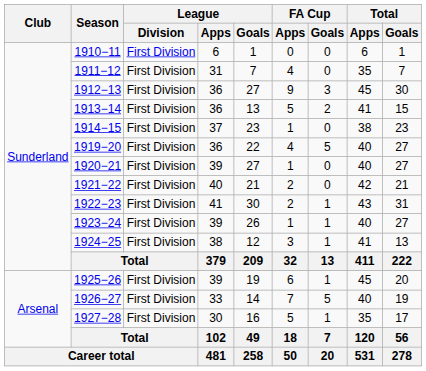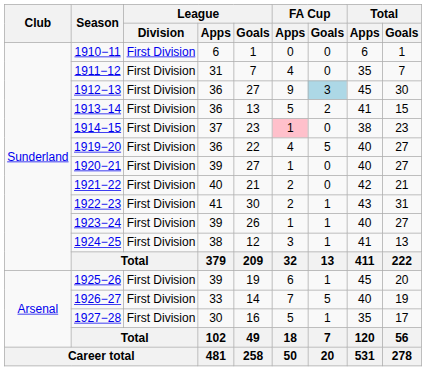 <table class="wikitable" style="text-align:center">
 <tr>
 <th rowspan="2">Club</th>
 <th rowspan="2">Season</th>
 <th colspan="3">League</th>
 <th colspan="2">FA Cup</th>
 <th colspan="2">Total</th>
 </tr>
 <tr>
 <th>Division</th>
 <th>Apps</th>
 <th>Goals</th>
 <th>Apps</th>
 <th>Goals</th>
 <th>Apps</th>
 <th>Goals</th>
 </tr>
 <tr>
 <td rowspan="12"><a href='#'>Sunderland</a></td>
 <td><a href='#'>1910−11</a></td>
 <td><a href='#'>First Division</a></td>
 <td>6</td>
 <td>1</td>
 <td>0</td>
 <td>0</td>
 <td>6</td>
 <td>1</td>
 </tr>
 <tr>
 <td><a href='#'>1911−12</a></td>
 <td>First Division</td>
 <td>31</td>
 <td>7</td>
 <td>4</td>
 <td>0</td>
 <td>35</td>
 <td>7</td>
 </tr>
 <tr>
 <td><a href='#'>1912−13</a></td>
 <td>First Division</td>
 <td>36</td>
 <td>27</td>
 <td>9</td>
-<td>3</td>
+<td style="background: lightblue;">3</td>
 <td>45</td>
 <td>30</td>
 </tr>
 <tr>
 <td><a href='#'>1913−14</a></td>
 <td>First Division</td>
 <td>36</td>
 <td>13</td>
 <td>5</td>
 <td>2</td>
 <td>41</td>
 <td>15</td>
 </tr>
 <tr>
 <td><a href='#'>1914−15</a></td>
 <td>First Division</td>
 <td>37</td>
 <td>23</td>
-<td>1</td>
+<td style="background: pink;">1</td>
 <td>0</td>
 <td>38</td>
 <td>23</td>
 </tr>
 <tr>
 <td><a href='#'>1919−20</a></td>
 <td>First Division</td>
 <td>36</td>
 <td>22</td>
 <td>4</td>
 <td>5</td>
 <td>40</td>
 <td>27</td>
 </tr>
 <tr>
 <td><a href='#'>1920−21</a></td>
 <td>First Division</td>
 <td>39</td>
 <td>27</td>
 <td>1</td>
 <td>0</td>
 <td>40</td>
 <td>27</td>
 </tr>
 <tr>
 <td><a href='#'>1921−22</a></td>
 <td>First Division</td>
 <td>40</td>
 <td>21</td>
 <td>2</td>
 <td>0</td>
 <td>42</td>
 <td>21</td>
 </tr>
 <tr>
 <td><a href='#'>1922−23</a></td>
 <td>First Division</td>
 <td>41</td>
 <td>30</td>
 <td>2</td>
 <td>1</td>
 <td>43</td>
 <td>31</td>
 </tr>
 <tr>
 <td><a href='#'>1923−24</a></td>
 <td>First Division</td>
 <td>39</td>
 <td>26</td>
 <td>1</td>
 <td>1</td>
 <td>40</td>
 <td>27</td>
 </tr>
 <tr>
 <td><a href='#'>1924−25</a></td>
 <td>First Division</td>
 <td>38</td>
 <td>12</td>
 <td>3</td>
 <td>1</td>
 <td>41</td>
 <td>13</td>
 </tr>
 <tr>
 <th colspan="2">Total</th>
 <th>379</th>
 <th>209</th>
 <th>32</th>
 <th>13</th>
 <th>411</th>
 <th>222</th>
 </tr>
 <tr>
 <td rowspan="4"><a href='#'>Arsenal</a></td>
 <td><a href='#'>1925−26</a></td>
 <td>First Division</td>
 <td>39</td>
 <td>19</td>
 <td>6</td>
 <td>1</td>
 <td>45</td>
 <td>20</td>
 </tr>
 <tr>
 <td><a href='#'>1926−27</a></td>
 <td>First Division</td>
 <td>33</td>
 <td>14</td>
 <td>7</td>
 <td>5</td>
 <td>40</td>
 <td>19</td>
 </tr>
 <tr>
 <td><a href='#'>1927−28</a></td>
 <td>First Division</td>
 <td>30</td>
 <td>16</td>
 <td>5</td>
 <td>1</td>
 <td>35</td>
 <td>17</td>
 </tr>
 <tr>
 <th colspan="2">Total</th>
 <th>102</th>
 <th>49</th>
 <th>18</th>
 <th>7</th>
 <th>120</th>
 <th>56</th>
 </tr>
 <tr>
 <th colspan="3">Career total</th>
 <th>481</th>
 <th>258</th>
 <th>50</th>
 <th>20</th>
 <th>531</th>
 <th>278</th>
 </tr>
 </table>
